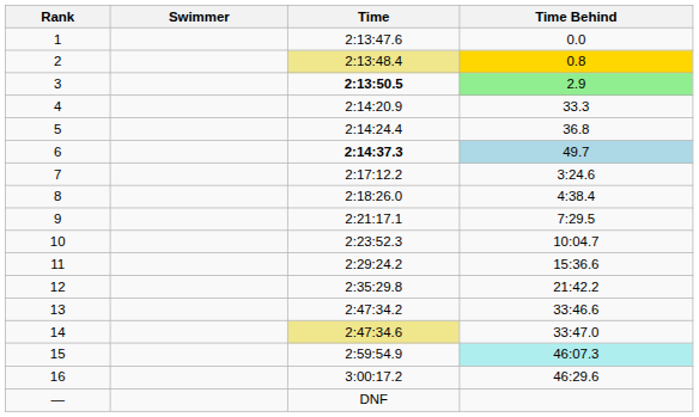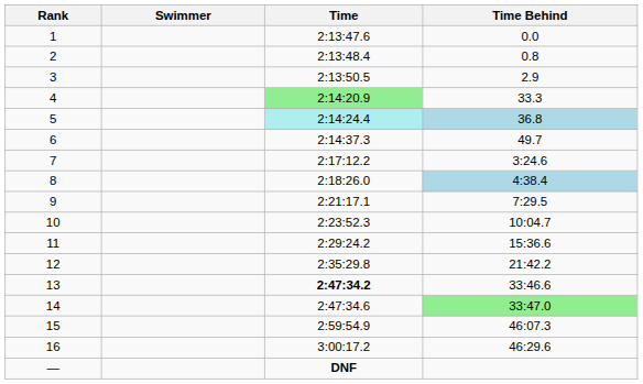 <table class="wikitable" style=" text-align:center; font-size:110%;" width="70%">
 <tr>
 <th>Rank</th>
 <th>Swimmer</th>
 <th>Time</th>
 <th>Time Behind</th>
 </tr>
 <tr>
 <td>1</td>
 <td align=left></td>
 <td>2:13:47.6</td>
 <td>0.0</td>
 </tr>
 <tr>
 <td>2</td>
 <td align=left></td>
-<td style="background: khaki;">2:13:48.4</td>
-<td style="background: gold;">0.8</td>
+<td>2:13:48.4</td>
+<td>0.8</td>
 </tr>
 <tr>
 <td>3</td>
 <td align=left></td>
-<td><strong>2:13:50.5</strong></td>
-<td style="background: lightgreen;">2.9</td>
+<td>2:13:50.5</td>
+<td>2.9</td>
 </tr>
 <tr>
 <td>4</td>
 <td align=left></td>
-<td>2:14:20.9</td>
+<td style="background: lightgreen;">2:14:20.9</td>
 <td>33.3</td>
 </tr>
 <tr>
 <td>5</td>
 <td align=left></td>
-<td>2:14:24.4</td>
-<td>36.8</td>
+<td style="background: paleturquoise;">2:14:24.4</td>
+<td style="background: lightblue;">36.8</td>
 </tr>
 <tr>
 <td>6</td>
 <td align=left></td>
-<td><strong>2:14:37.3</strong></td>
-<td style="background: lightblue;">49.7</td>
+<td>2:14:37.3</td>
+<td>49.7</td>
 </tr>
 <tr>
 <td>7</td>
 <td align=left></td>
 <td>2:17:12.2</td>
 <td>3:24.6</td>
 </tr>
 <tr>
 <td>8</td>
 <td align=left></td>
 <td>2:18:26.0</td>
-<td>4:38.4</td>
+<td style="background: lightblue;">4:38.4</td>
 </tr>
 <tr>
 <td>9</td>
 <td align=left></td>
 <td>2:21:17.1</td>
 <td>7:29.5</td>
 </tr>
 <tr>
 <td>10</td>
 <td align=left></td>
 <td>2:23:52.3</td>
 <td>10:04.7</td>
 </tr>
 <tr>
 <td>11</td>
 <td align=left></td>
 <td>2:29:24.2</td>
 <td>15:36.6</td>
 </tr>
 <tr>
 <td>12</td>
 <td align=left></td>
 <td>2:35:29.8</td>
 <td>21:42.2</td>
 </tr>
 <tr>
 <td>13</td>
 <td align=left></td>
-<td>2:47:34.2</td>
+<td><strong>2:47:34.2</strong></td>
 <td>33:46.6</td>
 </tr>
 <tr>
 <td>14</td>
 <td align=left></td>
-<td style="background: khaki;">2:47:34.6</td>
-<td>33:47.0</td>
+<td>2:47:34.6</td>
+<td style="background: lightgreen;">33:47.0</td>
 </tr>
 <tr>
 <td>15</td>
 <td align=left></td>
 <td>2:59:54.9</td>
-<td style="background: paleturquoise;">46:07.3</td>
+<td>46:07.3</td>
 </tr>
 <tr>
 <td>16</td>
 <td align=left></td>
 <td>3:00:17.2</td>
 <td>46:29.6</td>
 </tr>
 <tr>
 <td>—</td>
 <td align=left></td>
-<td>DNF</td>
+<td><strong>DNF</strong></td>
 </tr>
 </table>
